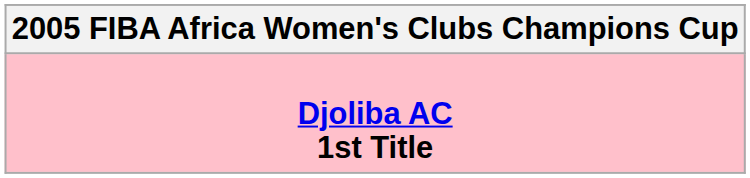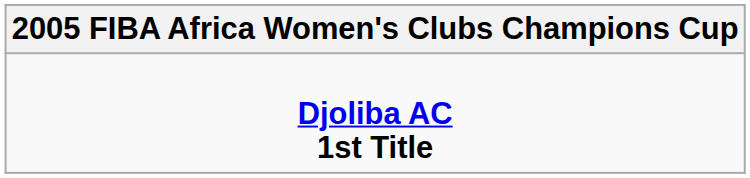 <table class=wikitable style="text-align:center; margin:auto">
 <tr>
 <th>2005 FIBA Africa Women's Clubs Champions Cup</th>
 </tr>
 <tr>
-<td style="background: pink;"><br><strong><a href='#'>Djoliba AC</a></strong><br><strong>1st Title</strong></td>
+<td><br><strong><a href='#'>Djoliba AC</a></strong><br><strong>1st Title</strong></td>
 </tr>
 </table>
